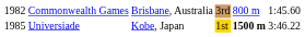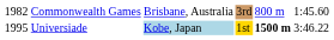 <table>
 <tr>
 <td>1982</td>
 <td><a href='#'>Commonwealth Games</a></td>
 <td><a href='#'>Brisbane</a>, Australia</td>
 <td bgcolor=cc9966>3rd</td>
 <td><a href='#'>800 m</a></td>
 <td>1:45.60</td>
 </tr>
 <tr>
-<td>1985</td>
+<td>1995</td>
 <td><a href='#'>Universiade</a></td>
-<td><a href='#'>Kobe</a>, Japan</td>
+<td style="background: lightblue;"><a href='#'>Kobe</a>, Japan</td>
 <td bgcolor=gold>1st</td>
 <td><strong>1500 m</strong></td>
 <td>3:46.22</td>
 </tr>
 </table>
